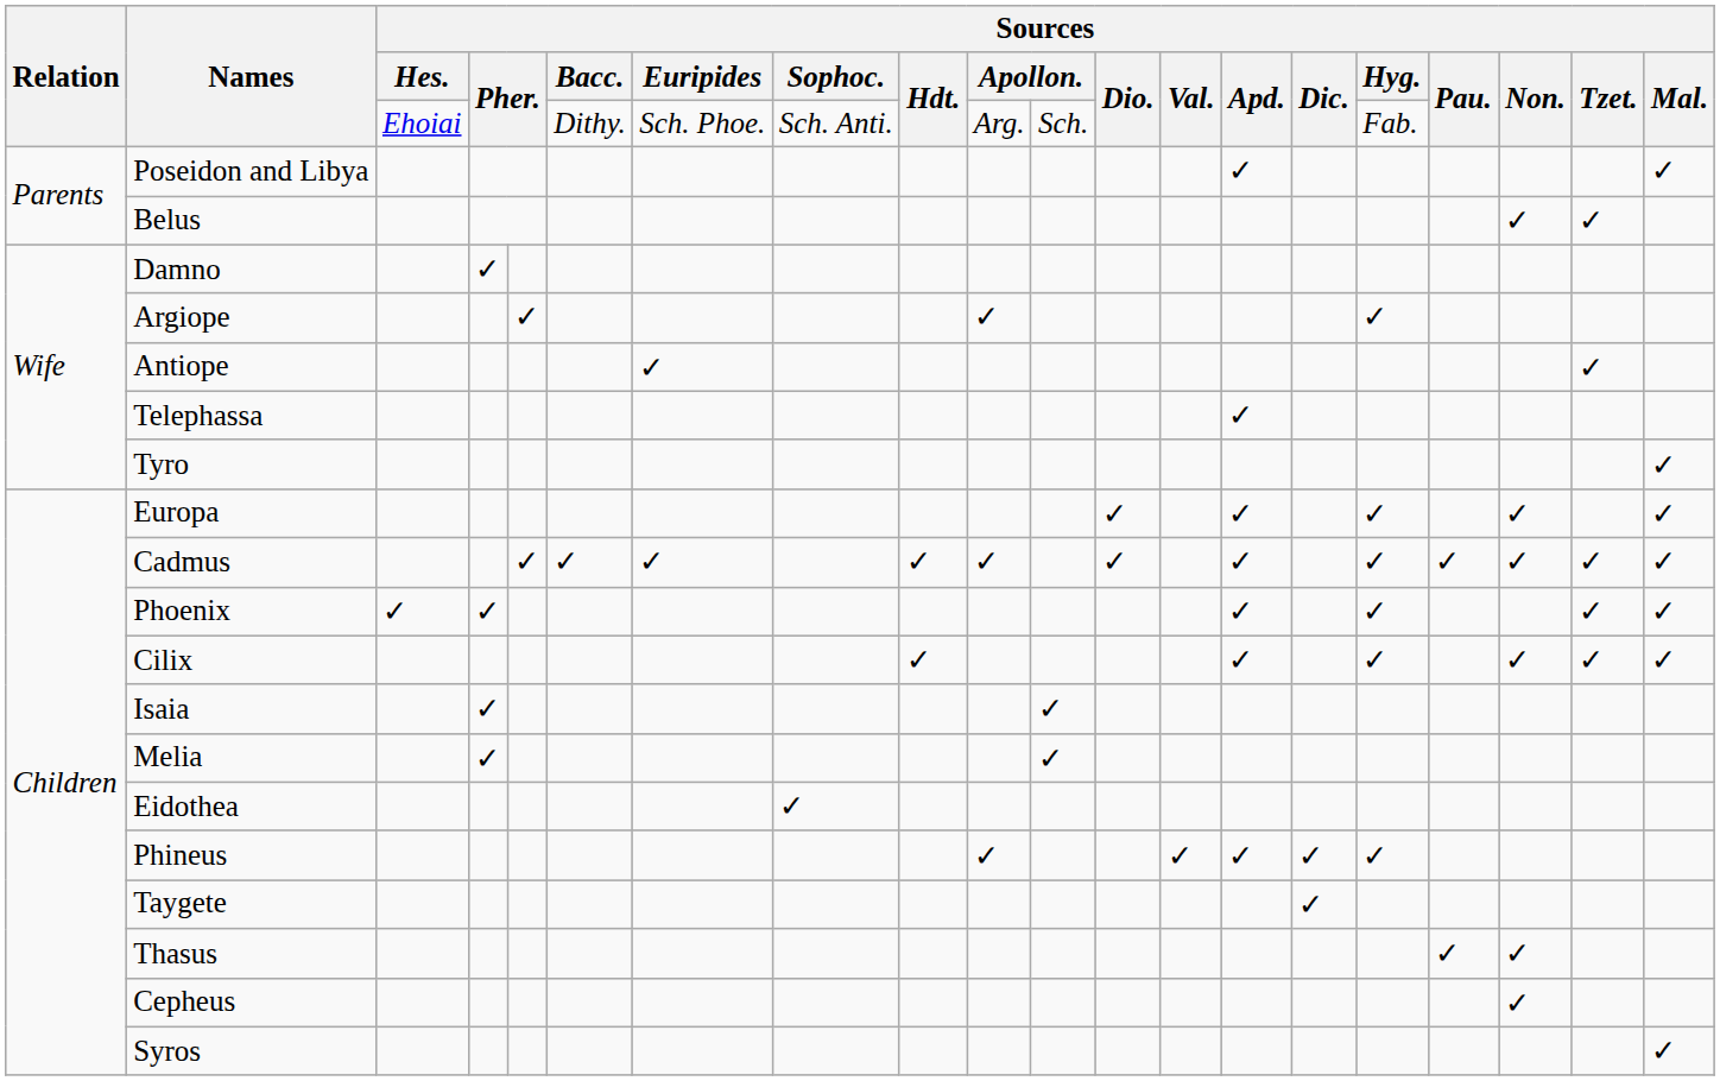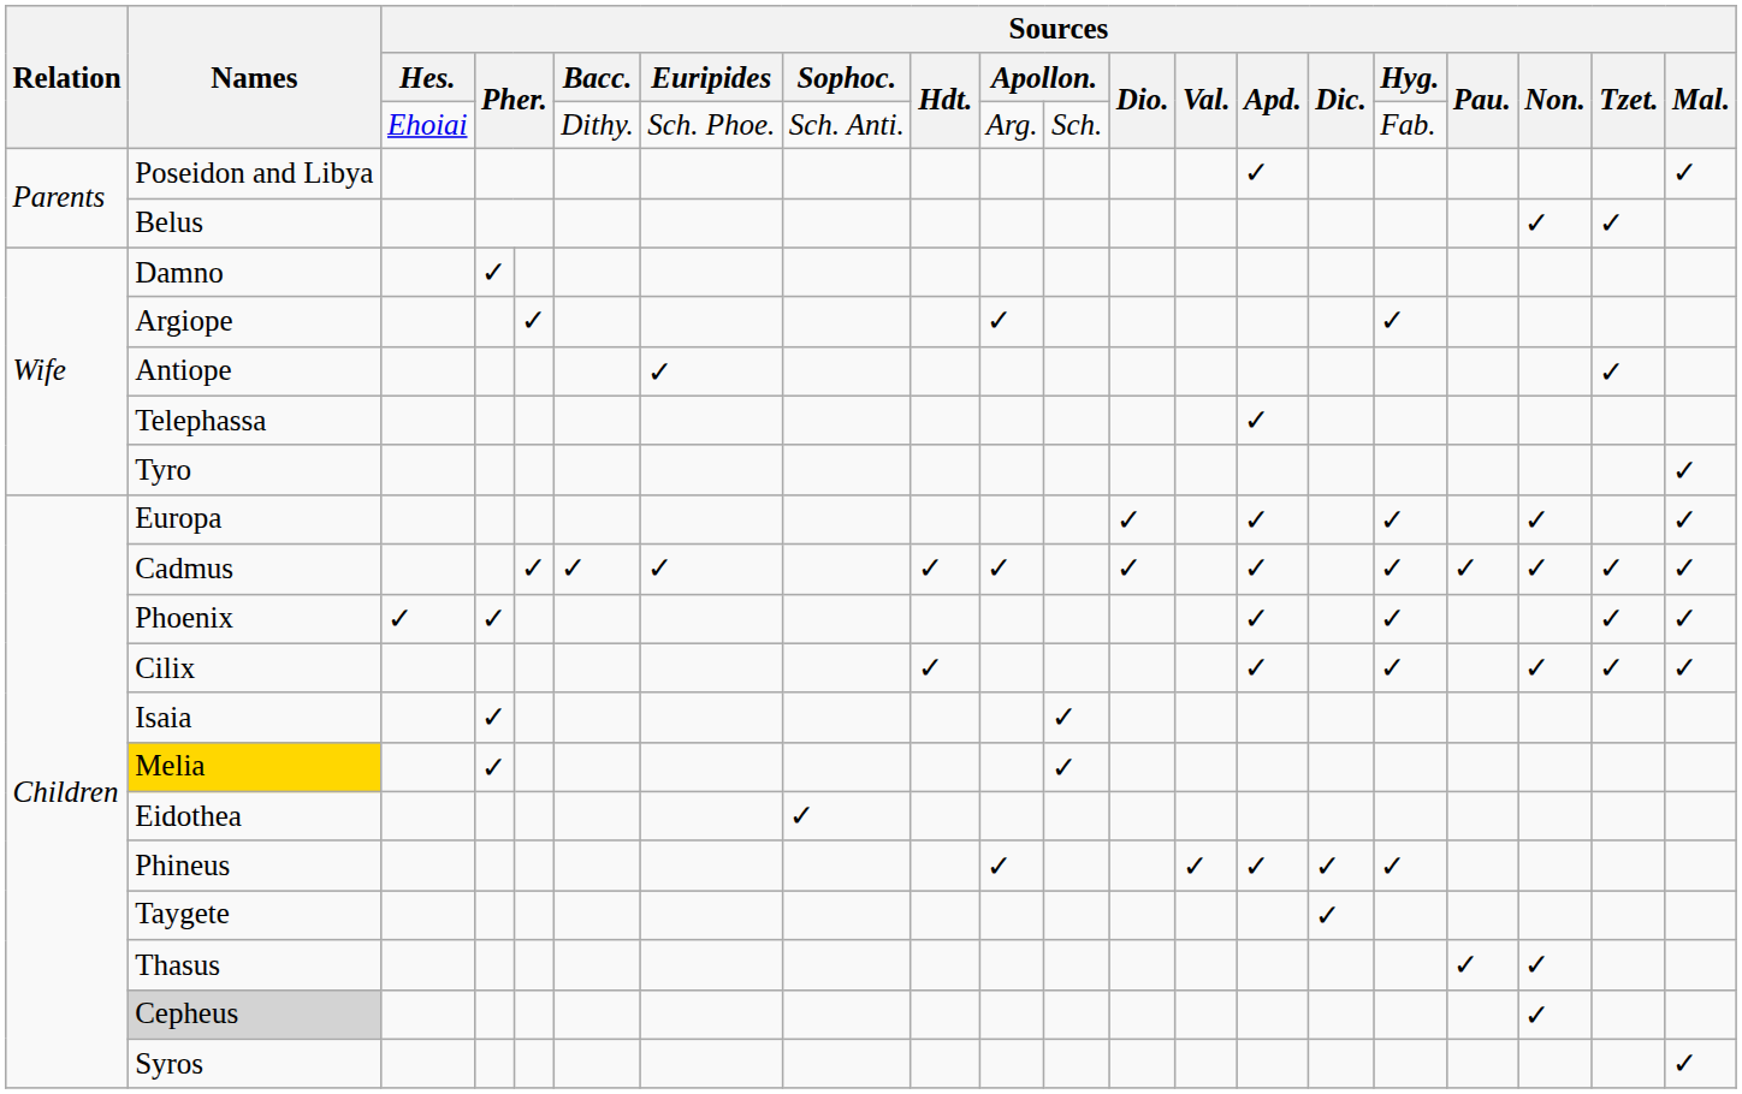 <table class="wikitable">
 <tr>
 <th rowspan="3">Relation</th>
 <th rowspan="3">Names</th>
 <th colspan="18">Sources</th>
 </tr>
 <tr>
 <th><em>Hes.</em></th>
 <th colspan="2" rowspan="2"><em>Pher.</em></th>
 <th><em>Bacc.</em></th>
 <th><em>Euripides</em></th>
 <th><em>Sophoc.</em></th>
 <th rowspan="2"><em>Hdt.</em></th>
 <th colspan="2"><em>Apollon.</em></th>
 <th rowspan="2"><em>Dio.</em></th>
 <th rowspan="2"><em>Val.</em></th>
 <th rowspan="2"><em>Apd.</em></th>
 <th rowspan="2"><em>Dic.</em></th>
 <th><em>Hyg.</em></th>
 <th rowspan="2"><em>Pau.</em></th>
 <th rowspan="2"><em>Non.</em></th>
 <th rowspan="2"><em>Tzet.</em></th>
 <th rowspan="2"><em>Mal.</em></th>
 </tr>
 <tr>
 <td><em><a href='#'>Ehoiai</a></em></td>
 <td><em>Dithy.</em></td>
 <td><em>Sch. Phoe.</em></td>
 <td><em>Sch. Anti.</em></td>
 <td><em>Arg.</em></td>
 <td><em>Sch.</em></td>
 <td><em>Fab.</em></td>
 </tr>
 <tr>
 <td rowspan="2"><em>Parents</em></td>
 <td>Poseidon and Libya</td>
 <td></td>
 <td colspan="2"></td>
 <td></td>
 <td></td>
 <td></td>
 <td></td>
 <td></td>
 <td></td>
 <td></td>
 <td></td>
 <td>✓</td>
 <td></td>
 <td></td>
 <td></td>
 <td></td>
 <td></td>
 <td>✓</td>
 </tr>
 <tr>
 <td>Belus</td>
 <td></td>
 <td colspan="2"></td>
 <td></td>
 <td></td>
 <td></td>
 <td></td>
 <td></td>
 <td></td>
 <td></td>
 <td></td>
 <td></td>
 <td></td>
 <td></td>
 <td></td>
 <td>✓</td>
 <td>✓</td>
 <td></td>
 </tr>
 <tr>
 <td rowspan="5"><em>Wife</em></td>
 <td>Damno</td>
 <td></td>
 <td>✓</td>
 <td></td>
 <td></td>
 <td></td>
 <td></td>
 <td></td>
 <td></td>
 <td></td>
 <td></td>
 <td></td>
 <td></td>
 <td></td>
 <td></td>
 <td></td>
 <td></td>
 <td></td>
 <td></td>
 </tr>
 <tr>
 <td>Argiope</td>
 <td></td>
 <td></td>
 <td>✓</td>
 <td></td>
 <td></td>
 <td></td>
 <td></td>
 <td>✓</td>
 <td></td>
 <td></td>
 <td></td>
 <td></td>
 <td></td>
 <td>✓</td>
 <td></td>
 <td></td>
 <td></td>
 <td></td>
 </tr>
 <tr>
 <td>Antiope</td>
 <td></td>
 <td></td>
 <td></td>
 <td></td>
 <td>✓</td>
 <td></td>
 <td></td>
 <td></td>
 <td></td>
 <td></td>
 <td></td>
 <td></td>
 <td></td>
 <td></td>
 <td></td>
 <td></td>
 <td>✓</td>
 <td></td>
 </tr>
 <tr>
 <td>Telephassa</td>
 <td></td>
 <td></td>
 <td></td>
 <td></td>
 <td></td>
 <td></td>
 <td></td>
 <td></td>
 <td></td>
 <td></td>
 <td></td>
 <td>✓</td>
 <td></td>
 <td></td>
 <td></td>
 <td></td>
 <td></td>
 <td></td>
 </tr>
 <tr>
 <td>Tyro</td>
 <td></td>
 <td></td>
 <td></td>
 <td></td>
 <td></td>
 <td></td>
 <td></td>
 <td></td>
 <td></td>
 <td></td>
 <td></td>
 <td></td>
 <td></td>
 <td></td>
 <td></td>
 <td></td>
 <td></td>
 <td>✓</td>
 </tr>
 <tr>
 <td rowspan="12"><em>Children</em></td>
 <td>Europa</td>
 <td></td>
 <td></td>
 <td></td>
 <td></td>
 <td></td>
 <td></td>
 <td></td>
 <td></td>
 <td></td>
 <td>✓</td>
 <td></td>
 <td>✓</td>
 <td></td>
 <td>✓</td>
 <td></td>
 <td>✓</td>
 <td></td>
 <td>✓</td>
 </tr>
 <tr>
 <td>Cadmus</td>
 <td></td>
 <td></td>
 <td>✓</td>
 <td>✓</td>
 <td>✓</td>
 <td></td>
 <td>✓</td>
 <td>✓</td>
 <td></td>
 <td>✓</td>
 <td></td>
 <td>✓</td>
 <td></td>
 <td>✓</td>
 <td>✓</td>
 <td>✓</td>
 <td>✓</td>
 <td>✓</td>
 </tr>
 <tr>
 <td>Phoenix</td>
 <td>✓</td>
 <td>✓</td>
 <td></td>
 <td></td>
 <td></td>
 <td></td>
 <td></td>
 <td></td>
 <td></td>
 <td></td>
 <td></td>
 <td>✓</td>
 <td></td>
 <td>✓</td>
 <td></td>
 <td></td>
 <td>✓</td>
 <td>✓</td>
 </tr>
 <tr>
 <td>Cilix</td>
 <td></td>
 <td></td>
 <td></td>
 <td></td>
 <td></td>
 <td></td>
 <td>✓</td>
 <td></td>
 <td></td>
 <td></td>
 <td></td>
 <td>✓</td>
 <td></td>
 <td>✓</td>
 <td></td>
 <td>✓</td>
 <td>✓</td>
 <td>✓</td>
 </tr>
 <tr>
 <td>Isaia</td>
 <td></td>
 <td>✓</td>
 <td></td>
 <td></td>
 <td></td>
 <td></td>
 <td></td>
 <td></td>
 <td>✓</td>
 <td></td>
 <td></td>
 <td></td>
 <td></td>
 <td></td>
 <td></td>
 <td></td>
 <td></td>
 <td></td>
 </tr>
 <tr>
-<td>Melia</td>
+<td style="background: gold;">Melia</td>
 <td></td>
 <td>✓</td>
 <td></td>
 <td></td>
 <td></td>
 <td></td>
 <td></td>
 <td></td>
 <td>✓</td>
 <td></td>
 <td></td>
 <td></td>
 <td></td>
 <td></td>
 <td></td>
 <td></td>
 <td></td>
 <td></td>
 </tr>
 <tr>
 <td>Eidothea</td>
 <td></td>
 <td></td>
 <td></td>
 <td></td>
 <td></td>
 <td>✓</td>
 <td></td>
 <td></td>
 <td></td>
 <td></td>
 <td></td>
 <td></td>
 <td></td>
 <td></td>
 <td></td>
 <td></td>
 <td></td>
 <td></td>
 </tr>
 <tr>
 <td>Phineus</td>
 <td></td>
 <td></td>
 <td></td>
 <td></td>
 <td></td>
 <td></td>
 <td></td>
 <td>✓</td>
 <td></td>
 <td></td>
 <td>✓</td>
 <td>✓</td>
 <td>✓</td>
 <td>✓</td>
 <td></td>
 <td></td>
 <td></td>
 <td></td>
 </tr>
 <tr>
 <td>Taygete</td>
 <td></td>
 <td></td>
 <td></td>
 <td></td>
 <td></td>
 <td></td>
 <td></td>
 <td></td>
 <td></td>
 <td></td>
 <td></td>
 <td></td>
 <td>✓</td>
 <td></td>
 <td></td>
 <td></td>
 <td></td>
 <td></td>
 </tr>
 <tr>
 <td>Thasus</td>
 <td></td>
 <td></td>
 <td></td>
 <td></td>
 <td></td>
 <td></td>
 <td></td>
 <td></td>
 <td></td>
 <td></td>
 <td></td>
 <td></td>
 <td></td>
 <td></td>
 <td>✓</td>
 <td>✓</td>
 <td></td>
 <td></td>
 </tr>
 <tr>
-<td>Cepheus</td>
+<td style="background: lightgrey;">Cepheus</td>
 <td></td>
 <td></td>
 <td></td>
 <td></td>
 <td></td>
 <td></td>
 <td></td>
 <td></td>
 <td></td>
 <td></td>
 <td></td>
 <td></td>
 <td></td>
 <td></td>
 <td></td>
 <td>✓</td>
 <td></td>
 <td></td>
 </tr>
 <tr>
 <td>Syros</td>
 <td></td>
 <td></td>
 <td></td>
 <td></td>
 <td></td>
 <td></td>
 <td></td>
 <td></td>
 <td></td>
 <td></td>
 <td></td>
 <td></td>
 <td></td>
 <td></td>
 <td></td>
 <td></td>
 <td></td>
 <td>✓</td>
 </tr>
 </table>
